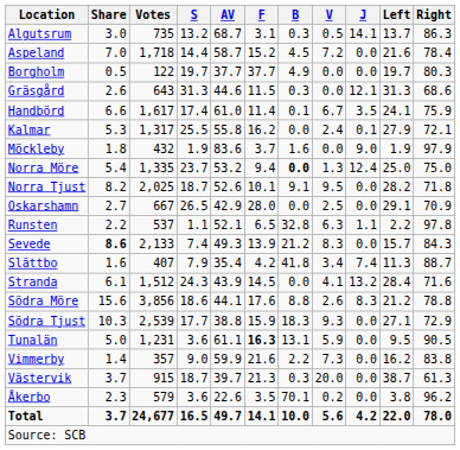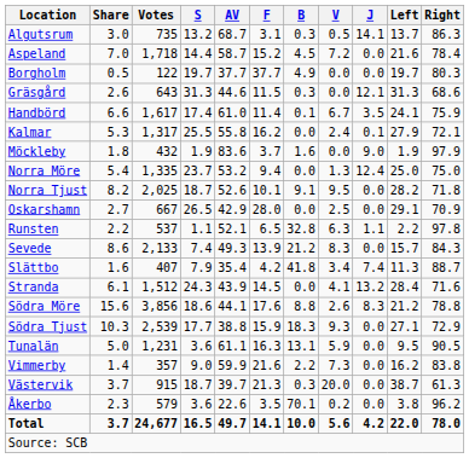 <table class="wikitable sortable" style=text-align:right>
 <tr>
 <th>Location</th>
 <th>Share</th>
 <th>Votes</th>
 <th><a href='#'>S</a></th>
 <th><a href='#'>AV</a></th>
 <th><a href='#'>F</a></th>
 <th><a href='#'>B</a></th>
 <th><a href='#'>V</a></th>
 <th><a href='#'>J</a></th>
 <th>Left</th>
 <th>Right</th>
 </tr>
 <tr>
 <td align=left><a href='#'>Algutsrum</a></td>
 <td>3.0</td>
 <td>735</td>
 <td>13.2</td>
 <td>68.7</td>
 <td>3.1</td>
 <td>0.3</td>
 <td>0.5</td>
 <td>14.1</td>
 <td>13.7</td>
 <td>86.3</td>
 </tr>
 <tr>
 <td align=left><a href='#'>Aspeland</a></td>
 <td>7.0</td>
 <td>1,718</td>
 <td>14.4</td>
 <td>58.7</td>
 <td>15.2</td>
 <td>4.5</td>
 <td>7.2</td>
 <td>0.0</td>
 <td>21.6</td>
 <td>78.4</td>
 </tr>
 <tr>
 <td align=left><a href='#'>Borgholm</a></td>
 <td>0.5</td>
 <td>122</td>
 <td>19.7</td>
 <td>37.7</td>
 <td>37.7</td>
 <td>4.9</td>
 <td>0.0</td>
 <td>0.0</td>
 <td>19.7</td>
 <td>80.3</td>
 </tr>
 <tr>
 <td align=left><a href='#'>Gräsgård</a></td>
 <td>2.6</td>
 <td>643</td>
 <td>31.3</td>
 <td>44.6</td>
 <td>11.5</td>
 <td>0.3</td>
 <td>0.0</td>
 <td>12.1</td>
 <td>31.3</td>
 <td>68.6</td>
 </tr>
 <tr>
 <td align=left><a href='#'>Handbörd</a></td>
 <td>6.6</td>
 <td>1,617</td>
 <td>17.4</td>
 <td>61.0</td>
 <td>11.4</td>
 <td>0.1</td>
 <td>6.7</td>
 <td>3.5</td>
 <td>24.1</td>
 <td>75.9</td>
 </tr>
 <tr>
 <td align=left><a href='#'>Kalmar</a></td>
 <td>5.3</td>
 <td>1,317</td>
 <td>25.5</td>
 <td>55.8</td>
 <td>16.2</td>
 <td>0.0</td>
 <td>2.4</td>
 <td>0.1</td>
 <td>27.9</td>
 <td>72.1</td>
 </tr>
 <tr>
 <td align=left><a href='#'>Möckleby</a></td>
 <td>1.8</td>
 <td>432</td>
 <td>1.9</td>
 <td>83.6</td>
 <td>3.7</td>
 <td>1.6</td>
 <td>0.0</td>
 <td>9.0</td>
 <td>1.9</td>
 <td>97.9</td>
 </tr>
 <tr>
 <td align=left><a href='#'>Norra Möre</a></td>
 <td>5.4</td>
 <td>1,335</td>
 <td>23.7</td>
 <td>53.2</td>
 <td>9.4</td>
-<td><strong>0.0</strong></td>
+<td>0.0</td>
 <td>1.3</td>
 <td>12.4</td>
 <td>25.0</td>
 <td>75.0</td>
 </tr>
 <tr>
 <td align=left><a href='#'>Norra Tjust</a></td>
 <td>8.2</td>
 <td>2,025</td>
 <td>18.7</td>
 <td>52.6</td>
 <td>10.1</td>
 <td>9.1</td>
 <td>9.5</td>
 <td>0.0</td>
 <td>28.2</td>
 <td>71.8</td>
 </tr>
 <tr>
 <td align=left><a href='#'>Oskarshamn</a></td>
 <td>2.7</td>
 <td>667</td>
 <td>26.5</td>
 <td>42.9</td>
 <td>28.0</td>
 <td>0.0</td>
 <td>2.5</td>
 <td>0.0</td>
 <td>29.1</td>
 <td>70.9</td>
 </tr>
 <tr>
 <td align=left><a href='#'>Runsten</a></td>
 <td>2.2</td>
 <td>537</td>
 <td>1.1</td>
 <td>52.1</td>
 <td>6.5</td>
 <td>32.8</td>
 <td>6.3</td>
 <td>1.1</td>
 <td>2.2</td>
 <td>97.8</td>
 </tr>
 <tr>
 <td align=left><a href='#'>Sevede</a></td>
-<td><strong>8.6</strong></td>
+<td>8.6</td>
 <td>2,133</td>
 <td>7.4</td>
 <td>49.3</td>
 <td>13.9</td>
 <td>21.2</td>
 <td>8.3</td>
 <td>0.0</td>
 <td>15.7</td>
 <td>84.3</td>
 </tr>
 <tr>
 <td align=left><a href='#'>Slättbo</a></td>
 <td>1.6</td>
 <td>407</td>
 <td>7.9</td>
 <td>35.4</td>
 <td>4.2</td>
 <td>41.8</td>
 <td>3.4</td>
 <td>7.4</td>
 <td>11.3</td>
 <td>88.7</td>
 </tr>
 <tr>
 <td align=left><a href='#'>Stranda</a></td>
 <td>6.1</td>
 <td>1,512</td>
 <td>24.3</td>
 <td>43.9</td>
 <td>14.5</td>
 <td>0.0</td>
 <td>4.1</td>
 <td>13.2</td>
 <td>28.4</td>
 <td>71.6</td>
 </tr>
 <tr>
 <td align=left><a href='#'>Södra Möre</a></td>
 <td>15.6</td>
 <td>3,856</td>
 <td>18.6</td>
 <td>44.1</td>
 <td>17.6</td>
 <td>8.8</td>
 <td>2.6</td>
 <td>8.3</td>
 <td>21.2</td>
 <td>78.8</td>
 </tr>
 <tr>
 <td align=left><a href='#'>Södra Tjust</a></td>
 <td>10.3</td>
 <td>2,539</td>
 <td>17.7</td>
 <td>38.8</td>
 <td>15.9</td>
 <td>18.3</td>
 <td>9.3</td>
 <td>0.0</td>
 <td>27.1</td>
 <td>72.9</td>
 </tr>
 <tr>
 <td align=left><a href='#'>Tunalän</a></td>
 <td>5.0</td>
 <td>1,231</td>
 <td>3.6</td>
 <td>61.1</td>
-<td><strong>16.3</strong></td>
+<td>16.3</td>
 <td>13.1</td>
 <td>5.9</td>
 <td>0.0</td>
 <td>9.5</td>
 <td>90.5</td>
 </tr>
 <tr>
 <td align=left><a href='#'>Vimmerby</a></td>
 <td>1.4</td>
 <td>357</td>
 <td>9.0</td>
 <td>59.9</td>
 <td>21.6</td>
 <td>2.2</td>
 <td>7.3</td>
 <td>0.0</td>
 <td>16.2</td>
 <td>83.8</td>
 </tr>
 <tr>
 <td align=left><a href='#'>Västervik</a></td>
 <td>3.7</td>
 <td>915</td>
 <td>18.7</td>
 <td>39.7</td>
 <td>21.3</td>
 <td>0.3</td>
 <td>20.0</td>
 <td>0.0</td>
 <td>38.7</td>
 <td>61.3</td>
 </tr>
 <tr>
 <td align=left><a href='#'>Åkerbo</a></td>
 <td>2.3</td>
 <td>579</td>
 <td>3.6</td>
 <td>22.6</td>
 <td>3.5</td>
 <td>70.1</td>
 <td>0.2</td>
 <td>0.0</td>
 <td>3.8</td>
 <td>96.2</td>
 </tr>
 <tr>
 <td align=left><strong>Total</strong></td>
 <td><strong>3.7</strong></td>
 <td><strong>24,677</strong></td>
 <td><strong>16.5</strong></td>
 <td><strong>49.7</strong></td>
 <td><strong>14.1</strong></td>
 <td><strong>10.0</strong></td>
 <td><strong>5.6</strong></td>
 <td><strong>4.2</strong></td>
 <td><strong>22.0</strong></td>
 <td><strong>78.0</strong></td>
 </tr>
 <tr>
 <td align=left colspan=11>Source: SCB </td>
 </tr>
 </table>
